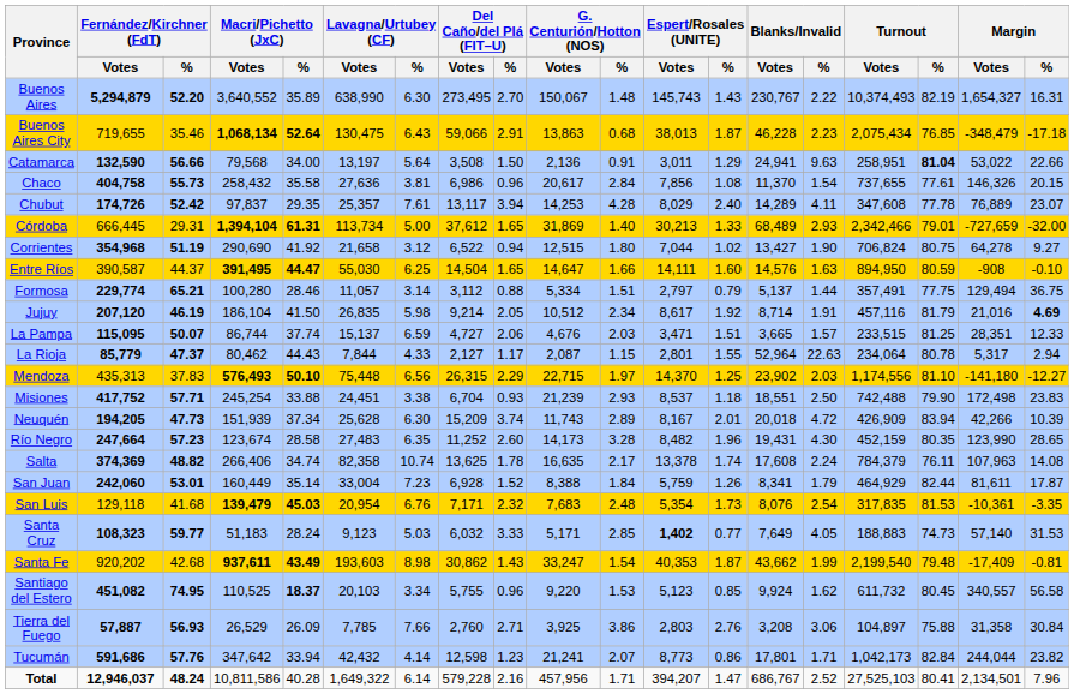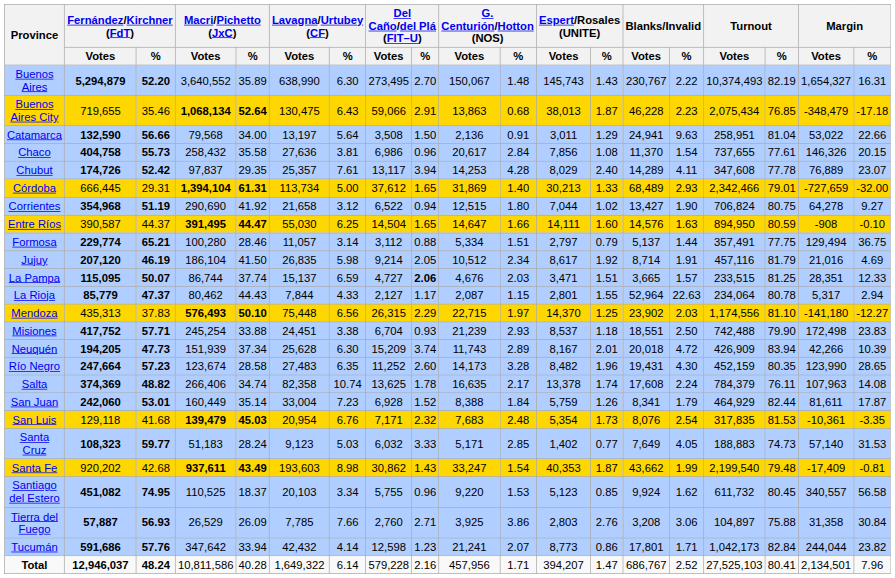 <table class="wikitable sortable" style="text-align: center; font-size: 95%;">
 <tr>
 <th rowspan="2">Province</th>
 <th colspan="2"><a href='#'>Fernández</a>/<a href='#'>Kirchner</a><br>(<a href='#'>FdT</a>)</th>
 <th colspan="2"><a href='#'>Macri</a>/<a href='#'>Pichetto</a><br>(<a href='#'>JxC</a>)</th>
 <th colspan="2"><a href='#'>Lavagna</a>/<a href='#'>Urtubey</a><br>(<a href='#'>CF</a>)</th>
 <th colspan="2"><a href='#'>Del Caño</a>/<a href='#'>del Plá</a><br>(<a href='#'>FIT–U</a>)</th>
 <th colspan="2"><a href='#'>G. Centurión</a>/<a href='#'>Hotton</a><br>(NOS)</th>
 <th colspan="2"><a href='#'>Espert</a>/Rosales<br>(UNITE)</th>
 <th colspan="2">Blanks/Invalid</th>
 <th colspan="2">Turnout</th>
 <th colspan="2">Margin</th>
 </tr>
 <tr>
 <th>Votes</th>
 <th>%</th>
 <th>Votes</th>
 <th>%</th>
 <th>Votes</th>
 <th>%</th>
 <th>Votes</th>
 <th>%</th>
 <th>Votes</th>
 <th>%</th>
 <th>Votes</th>
 <th>%</th>
 <th>Votes</th>
 <th>%</th>
 <th>Votes</th>
 <th>%</th>
 <th>Votes</th>
 <th>%</th>
 </tr>
 <tr bgcolor=#B0CEFF>
 <td><a href='#'>Buenos Aires</a></td>
 <td><strong>5,294,879</strong></td>
 <td><strong>52.20</strong></td>
 <td>3,640,552</td>
 <td>35.89</td>
 <td>638,990</td>
 <td>6.30</td>
 <td>273,495</td>
 <td>2.70</td>
 <td>150,067</td>
 <td>1.48</td>
 <td>145,743</td>
 <td>1.43</td>
 <td>230,767</td>
 <td>2.22</td>
 <td>10,374,493</td>
 <td>82.19</td>
 <td>1,654,327</td>
 <td>16.31</td>
 </tr>
 <tr bgcolor=gold>
 <td><a href='#'>Buenos Aires City</a></td>
 <td>719,655</td>
 <td>35.46</td>
 <td><strong>1,068,134</strong></td>
 <td><strong>52.64</strong></td>
 <td>130,475</td>
 <td>6.43</td>
 <td>59,066</td>
 <td>2.91</td>
 <td>13,863</td>
 <td>0.68</td>
 <td>38,013</td>
 <td>1.87</td>
 <td>46,228</td>
 <td>2.23</td>
 <td>2,075,434</td>
 <td>76.85</td>
 <td>-348,479</td>
 <td>-17.18</td>
 </tr>
 <tr bgcolor=#B0CEFF>
 <td><a href='#'>Catamarca</a></td>
 <td><strong>132,590</strong></td>
 <td><strong>56.66</strong></td>
 <td>79,568</td>
 <td>34.00</td>
 <td>13,197</td>
 <td>5.64</td>
 <td>3,508</td>
 <td>1.50</td>
 <td>2,136</td>
 <td>0.91</td>
 <td>3,011</td>
 <td>1.29</td>
 <td>24,941</td>
 <td>9.63</td>
 <td>258,951</td>
-<td><strong>81.04</strong></td>
+<td>81.04</td>
 <td>53,022</td>
 <td>22.66</td>
 </tr>
 <tr bgcolor=#B0CEFF>
 <td><a href='#'>Chaco</a></td>
 <td><strong>404,758</strong></td>
 <td><strong>55.73</strong></td>
 <td>258,432</td>
 <td>35.58</td>
 <td>27,636</td>
 <td>3.81</td>
 <td>6,986</td>
 <td>0.96</td>
 <td>20,617</td>
 <td>2.84</td>
 <td>7,856</td>
 <td>1.08</td>
 <td>11,370</td>
 <td>1.54</td>
 <td>737,655</td>
 <td>77.61</td>
 <td>146,326</td>
 <td>20.15</td>
 </tr>
 <tr bgcolor=#B0CEFF>
 <td><a href='#'>Chubut</a></td>
 <td><strong>174,726</strong></td>
 <td><strong>52.42</strong></td>
 <td>97,837</td>
 <td>29.35</td>
 <td>25,357</td>
 <td>7.61</td>
 <td>13,117</td>
 <td>3.94</td>
 <td>14,253</td>
 <td>4.28</td>
 <td>8,029</td>
 <td>2.40</td>
 <td>14,289</td>
 <td>4.11</td>
 <td>347,608</td>
 <td>77.78</td>
 <td>76,889</td>
 <td>23.07</td>
 </tr>
 <tr bgcolor=gold>
 <td><a href='#'>Córdoba</a></td>
 <td>666,445</td>
 <td>29.31</td>
 <td><strong>1,394,104</strong></td>
 <td><strong>61.31</strong></td>
 <td>113,734</td>
 <td>5.00</td>
 <td>37,612</td>
 <td>1.65</td>
 <td>31,869</td>
 <td>1.40</td>
 <td>30,213</td>
 <td>1.33</td>
 <td>68,489</td>
 <td>2.93</td>
 <td>2,342,466</td>
 <td>79.01</td>
 <td>-727,659</td>
 <td>-32.00</td>
 </tr>
 <tr bgcolor=#B0CEFF>
 <td><a href='#'>Corrientes</a></td>
 <td><strong>354,968</strong></td>
 <td><strong>51.19</strong></td>
 <td>290,690</td>
 <td>41.92</td>
 <td>21,658</td>
 <td>3.12</td>
 <td>6,522</td>
 <td>0.94</td>
 <td>12,515</td>
 <td>1.80</td>
 <td>7,044</td>
 <td>1.02</td>
 <td>13,427</td>
 <td>1.90</td>
 <td>706,824</td>
 <td>80.75</td>
 <td>64,278</td>
 <td>9.27</td>
 </tr>
 <tr bgcolor=gold>
 <td><a href='#'>Entre Ríos</a></td>
 <td>390,587</td>
 <td>44.37</td>
 <td><strong>391,495</strong></td>
 <td><strong>44.47</strong></td>
 <td>55,030</td>
 <td>6.25</td>
 <td>14,504</td>
 <td>1.65</td>
 <td>14,647</td>
 <td>1.66</td>
 <td>14,111</td>
 <td>1.60</td>
 <td>14,576</td>
 <td>1.63</td>
 <td>894,950</td>
 <td>80.59</td>
 <td>-908</td>
 <td>-0.10</td>
 </tr>
 <tr bgcolor=#B0CEFF>
 <td><a href='#'>Formosa</a></td>
 <td><strong>229,774</strong></td>
 <td><strong>65.21</strong></td>
 <td>100,280</td>
 <td>28.46</td>
 <td>11,057</td>
 <td>3.14</td>
 <td>3,112</td>
 <td>0.88</td>
 <td>5,334</td>
 <td>1.51</td>
 <td>2,797</td>
 <td>0.79</td>
 <td>5,137</td>
 <td>1.44</td>
 <td>357,491</td>
 <td>77.75</td>
 <td>129,494</td>
 <td>36.75</td>
 </tr>
 <tr bgcolor=#B0CEFF>
 <td><a href='#'>Jujuy</a></td>
 <td><strong>207,120</strong></td>
 <td><strong>46.19</strong></td>
 <td>186,104</td>
 <td>41.50</td>
 <td>26,835</td>
 <td>5.98</td>
 <td>9,214</td>
 <td>2.05</td>
 <td>10,512</td>
 <td>2.34</td>
 <td>8,617</td>
 <td>1.92</td>
 <td>8,714</td>
 <td>1.91</td>
 <td>457,116</td>
 <td>81.79</td>
 <td>21,016</td>
-<td><strong>4.69</strong></td>
+<td>4.69</td>
 </tr>
 <tr bgcolor=#B0CEFF>
 <td><a href='#'>La Pampa</a></td>
 <td><strong>115,095</strong></td>
 <td><strong>50.07</strong></td>
 <td>86,744</td>
 <td>37.74</td>
 <td>15,137</td>
 <td>6.59</td>
 <td>4,727</td>
-<td>2.06</td>
+<td><strong>2.06</strong></td>
 <td>4,676</td>
 <td>2.03</td>
 <td>3,471</td>
 <td>1.51</td>
 <td>3,665</td>
 <td>1.57</td>
 <td>233,515</td>
 <td>81.25</td>
 <td>28,351</td>
 <td>12.33</td>
 </tr>
 <tr bgcolor=#B0CEFF>
 <td><a href='#'>La Rioja</a></td>
 <td><strong>85,779</strong></td>
 <td><strong>47.37</strong></td>
 <td>80,462</td>
 <td>44.43</td>
 <td>7,844</td>
 <td>4.33</td>
 <td>2,127</td>
 <td>1.17</td>
 <td>2,087</td>
 <td>1.15</td>
 <td>2,801</td>
 <td>1.55</td>
 <td>52,964</td>
 <td>22.63</td>
 <td>234,064</td>
 <td>80.78</td>
 <td>5,317</td>
 <td>2.94</td>
 </tr>
 <tr bgcolor=gold>
 <td><a href='#'>Mendoza</a></td>
 <td>435,313</td>
 <td>37.83</td>
 <td><strong>576,493</strong></td>
 <td><strong>50.10</strong></td>
 <td>75,448</td>
 <td>6.56</td>
 <td>26,315</td>
 <td>2.29</td>
 <td>22,715</td>
 <td>1.97</td>
 <td>14,370</td>
 <td>1.25</td>
 <td>23,902</td>
 <td>2.03</td>
 <td>1,174,556</td>
 <td>81.10</td>
 <td>-141,180</td>
 <td>-12.27</td>
 </tr>
 <tr bgcolor=#B0CEFF>
 <td><a href='#'>Misiones</a></td>
 <td><strong>417,752</strong></td>
 <td><strong>57.71</strong></td>
 <td>245,254</td>
 <td>33.88</td>
 <td>24,451</td>
 <td>3.38</td>
 <td>6,704</td>
 <td>0.93</td>
 <td>21,239</td>
 <td>2.93</td>
 <td>8,537</td>
 <td>1.18</td>
 <td>18,551</td>
 <td>2.50</td>
 <td>742,488</td>
 <td>79.90</td>
 <td>172,498</td>
 <td>23.83</td>
 </tr>
 <tr bgcolor=#B0CEFF>
 <td><a href='#'>Neuquén</a></td>
 <td><strong>194,205</strong></td>
 <td><strong>47.73</strong></td>
 <td>151,939</td>
 <td>37.34</td>
 <td>25,628</td>
 <td>6.30</td>
 <td>15,209</td>
 <td>3.74</td>
 <td>11,743</td>
 <td>2.89</td>
 <td>8,167</td>
 <td>2.01</td>
 <td>20,018</td>
 <td>4.72</td>
 <td>426,909</td>
 <td>83.94</td>
 <td>42,266</td>
 <td>10.39</td>
 </tr>
 <tr bgcolor=#B0CEFF>
 <td><a href='#'>Río Negro</a></td>
 <td><strong>247,664</strong></td>
 <td><strong>57.23</strong></td>
 <td>123,674</td>
 <td>28.58</td>
 <td>27,483</td>
 <td>6.35</td>
 <td>11,252</td>
 <td>2.60</td>
 <td>14,173</td>
 <td>3.28</td>
 <td>8,482</td>
 <td>1.96</td>
 <td>19,431</td>
 <td>4.30</td>
 <td>452,159</td>
 <td>80.35</td>
 <td>123,990</td>
 <td>28.65</td>
 </tr>
 <tr bgcolor=#B0CEFF>
 <td><a href='#'>Salta</a></td>
 <td><strong>374,369</strong></td>
 <td><strong>48.82</strong></td>
 <td>266,406</td>
 <td>34.74</td>
 <td>82,358</td>
 <td>10.74</td>
 <td>13,625</td>
 <td>1.78</td>
 <td>16,635</td>
 <td>2.17</td>
 <td>13,378</td>
 <td>1.74</td>
 <td>17,608</td>
 <td>2.24</td>
 <td>784,379</td>
 <td>76.11</td>
 <td>107,963</td>
 <td>14.08</td>
 </tr>
 <tr bgcolor=#B0CEFF>
 <td><a href='#'>San Juan</a></td>
 <td><strong>242,060</strong></td>
 <td><strong>53.01</strong></td>
 <td>160,449</td>
 <td>35.14</td>
 <td>33,004</td>
 <td>7.23</td>
 <td>6,928</td>
 <td>1.52</td>
 <td>8,388</td>
 <td>1.84</td>
 <td>5,759</td>
 <td>1.26</td>
 <td>8,341</td>
 <td>1.79</td>
 <td>464,929</td>
 <td>82.44</td>
 <td>81,611</td>
 <td>17.87</td>
 </tr>
 <tr bgcolor=gold>
 <td><a href='#'>San Luis</a></td>
 <td>129,118</td>
 <td>41.68</td>
 <td><strong>139,479</strong></td>
 <td><strong>45.03</strong></td>
 <td>20,954</td>
 <td>6.76</td>
 <td>7,171</td>
 <td>2.32</td>
 <td>7,683</td>
 <td>2.48</td>
 <td>5,354</td>
 <td>1.73</td>
 <td>8,076</td>
 <td>2.54</td>
 <td>317,835</td>
 <td>81.53</td>
 <td>-10,361</td>
 <td>-3.35</td>
 </tr>
 <tr bgcolor=#B0CEFF>
 <td><a href='#'>Santa Cruz</a></td>
 <td><strong>108,323</strong></td>
 <td><strong>59.77</strong></td>
 <td>51,183</td>
 <td>28.24</td>
 <td>9,123</td>
 <td>5.03</td>
 <td>6,032</td>
 <td>3.33</td>
 <td>5,171</td>
 <td>2.85</td>
-<td><strong>1,402</strong></td>
+<td>1,402</td>
 <td>0.77</td>
 <td>7,649</td>
 <td>4.05</td>
 <td>188,883</td>
 <td>74.73</td>
 <td>57,140</td>
 <td>31.53</td>
 </tr>
 <tr bgcolor=gold>
 <td><a href='#'>Santa Fe</a></td>
 <td>920,202</td>
 <td>42.68</td>
 <td><strong>937,611</strong></td>
 <td><strong>43.49</strong></td>
 <td>193,603</td>
 <td>8.98</td>
 <td>30,862</td>
 <td>1.43</td>
 <td>33,247</td>
 <td>1.54</td>
 <td>40,353</td>
 <td>1.87</td>
 <td>43,662</td>
 <td>1.99</td>
 <td>2,199,540</td>
 <td>79.48</td>
 <td>-17,409</td>
 <td>-0.81</td>
 </tr>
 <tr bgcolor=#B0CEFF>
 <td><a href='#'>Santiago del Estero</a></td>
 <td><strong>451,082</strong></td>
 <td><strong>74.95</strong></td>
 <td>110,525</td>
-<td><strong>18.37</strong></td>
+<td>18.37</td>
 <td>20,103</td>
 <td>3.34</td>
 <td>5,755</td>
 <td>0.96</td>
 <td>9,220</td>
 <td>1.53</td>
 <td>5,123</td>
 <td>0.85</td>
 <td>9,924</td>
 <td>1.62</td>
 <td>611,732</td>
 <td>80.45</td>
 <td>340,557</td>
 <td>56.58</td>
 </tr>
 <tr bgcolor=#B0CEFF>
 <td><a href='#'>Tierra del Fuego</a></td>
 <td><strong>57,887</strong></td>
 <td><strong>56.93</strong></td>
 <td>26,529</td>
 <td>26.09</td>
 <td>7,785</td>
 <td>7.66</td>
 <td>2,760</td>
 <td>2.71</td>
 <td>3,925</td>
 <td>3.86</td>
 <td>2,803</td>
 <td>2.76</td>
 <td>3,208</td>
 <td>3.06</td>
 <td>104,897</td>
 <td>75.88</td>
 <td>31,358</td>
 <td>30.84</td>
 </tr>
 <tr bgcolor=#B0CEFF>
 <td><a href='#'>Tucumán</a></td>
 <td><strong>591,686</strong></td>
 <td><strong>57.76</strong></td>
 <td>347,642</td>
 <td>33.94</td>
 <td>42,432</td>
 <td>4.14</td>
 <td>12,598</td>
 <td>1.23</td>
 <td>21,241</td>
 <td>2.07</td>
 <td>8,773</td>
 <td>0.86</td>
 <td>17,801</td>
 <td>1.71</td>
 <td>1,042,173</td>
 <td>82.84</td>
 <td>244,044</td>
 <td>23.82</td>
 </tr>
 <tr class="sortbottom">
 <td><strong>Total</strong></td>
 <td><strong>12,946,037</strong></td>
 <td><strong>48.24</strong></td>
 <td>10,811,586</td>
 <td>40.28</td>
 <td>1,649,322</td>
 <td>6.14</td>
 <td>579,228</td>
 <td>2.16</td>
 <td>457,956</td>
 <td>1.71</td>
 <td>394,207</td>
 <td>1.47</td>
 <td>686,767</td>
 <td>2.52</td>
 <td>27,525,103</td>
 <td>80.41</td>
 <td>2,134,501</td>
 <td>7.96</td>
 </tr>
 </table>
